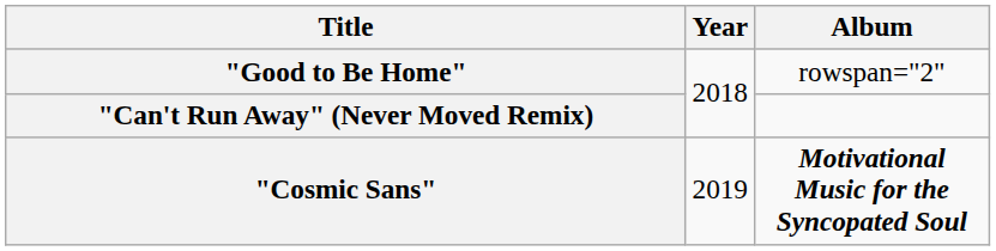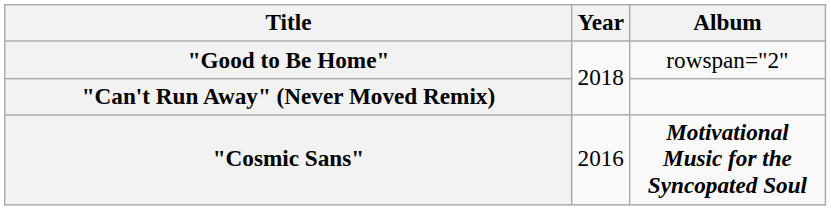 <table class="wikitable plainrowheaders" style="text-align:center;">
 <tr>
 <th scope="col" style="width:24em;">Title</th>
 <th scope="col" style="width:1em;">Year</th>
 <th scope="col" style="width:8em;">Album</th>
 </tr>
 <tr>
 <th scope="row">"Good to Be Home"<br></th>
 <td rowspan="2">2018</td>
 <td>rowspan="2" </td>
 </tr>
 <tr>
 <th scope="row">"Can't Run Away" (Never Moved Remix)<br></th>
 </tr>
 <tr>
 <th scope="row">"Cosmic Sans"<br></th>
-<td>2019</td>
+<td>2016</td>
 <td><strong><em>Motivational Music for the Syncopated Soul</em></strong></td>
 </tr>
 </table>
